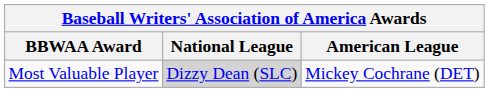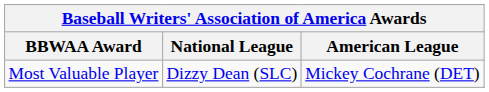 <table class="wikitable">
 <tr>
 <th colspan="3"><a href='#'>Baseball Writers' Association of America</a> Awards</th>
 </tr>
 <tr>
 <th>BBWAA Award</th>
 <th>National League</th>
 <th>American League</th>
 </tr>
 <tr>
 <td><a href='#'>Most Valuable Player</a></td>
-<td style="background: lightgrey;"><a href='#'>Dizzy Dean</a> (<a href='#'>SLC</a>)</td>
+<td><a href='#'>Dizzy Dean</a> (<a href='#'>SLC</a>)</td>
 <td><a href='#'>Mickey Cochrane</a> (<a href='#'>DET</a>)</td>
 </tr>
 </table>
